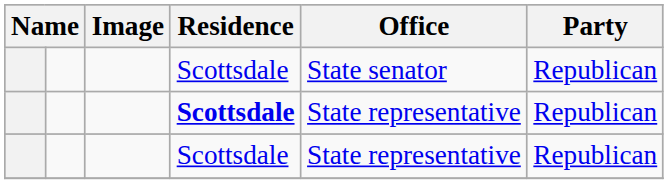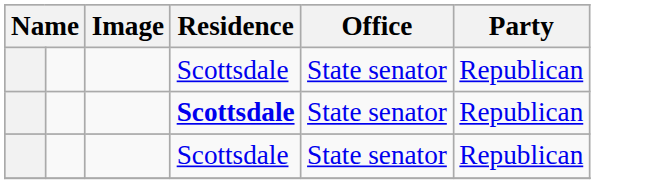 <table class="sortable wikitable">
 <tr valign=bottom>
 <th colspan="2">Name</th>
 <th>Image</th>
 <th>Residence</th>
 <th>Office</th>
 <th>Party</th>
 </tr>
 <tr>
 <th style="background-color:  "></th>
 <td></td>
 <td></td>
 <td><a href='#'>Scottsdale</a></td>
 <td><a href='#'>State senator</a></td>
 <td><a href='#'>Republican</a></td>
 </tr>
 <tr>
 <th style="background-color:  "></th>
 <td></td>
 <td></td>
 <td><strong><a href='#'>Scottsdale</a></strong></td>
-<td><a href='#'>State representative</a></td>
+<td><a href='#'>State senator</a></td>
 <td><a href='#'>Republican</a></td>
 </tr>
 <tr>
 <th style="background-color:  "></th>
 <td></td>
 <td></td>
 <td><a href='#'>Scottsdale</a></td>
-<td><a href='#'>State representative</a></td>
+<td><a href='#'>State senator</a></td>
 <td><a href='#'>Republican</a></td>
 </tr>
 <tr>
 </tr>
 </table>
